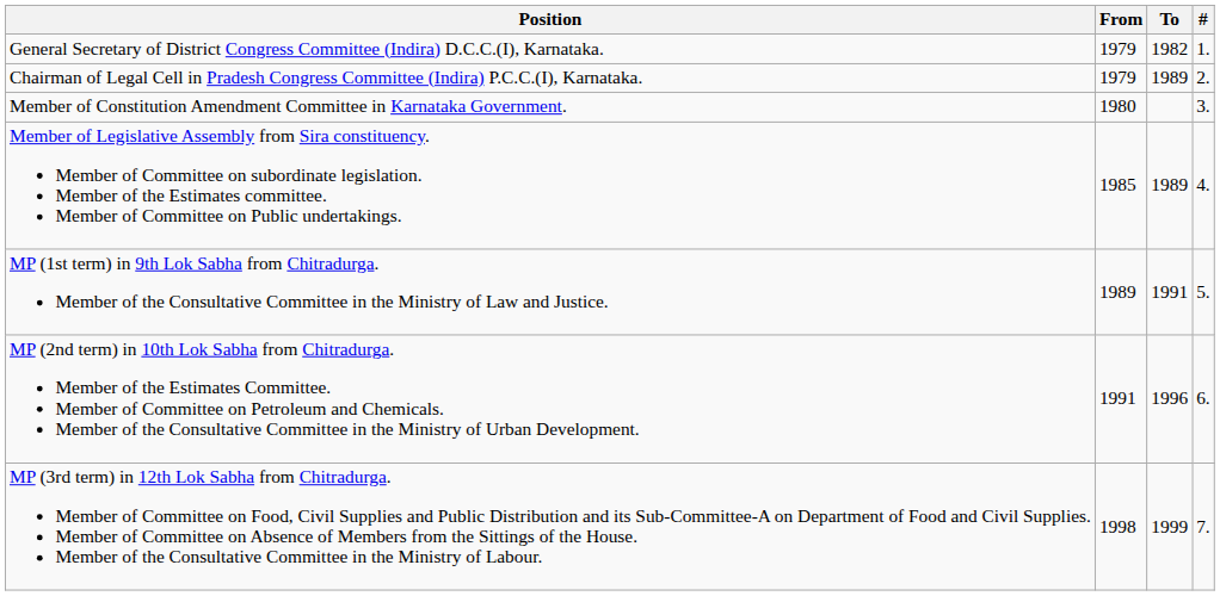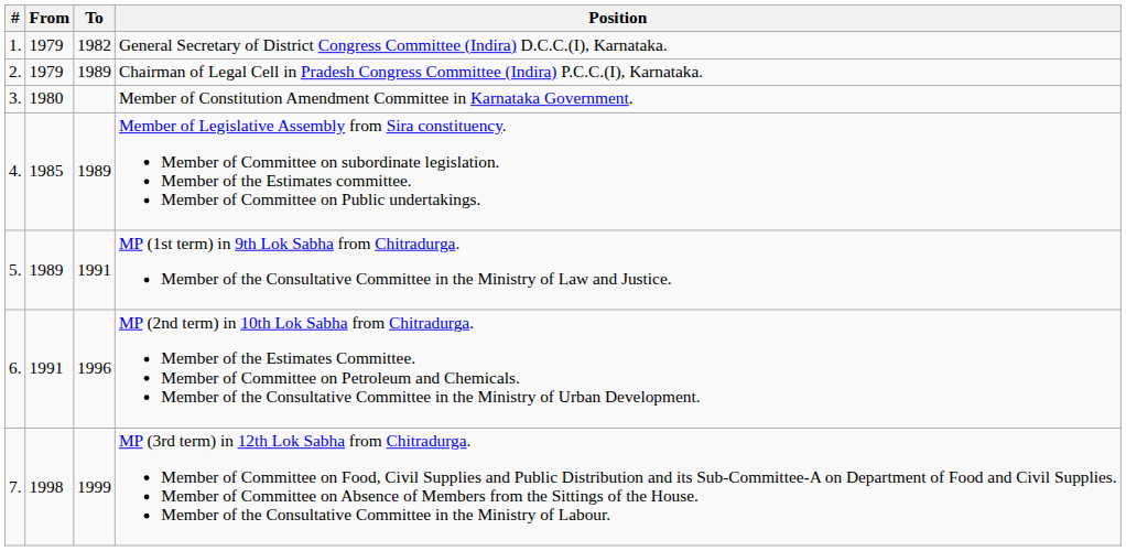 <table class="wikitable">
 <tr>
-<th>Position</th>
+<th>#</th>
 <th>From</th>
 <th>To</th>
-<th>#</th>
+<th>Position</th>
 </tr>
 <tr>
-<td>General Secretary of District <a href='#'>Congress Committee (Indira)</a> D.C.C.(I), Karnataka.</td>
+<td>1.</td>
 <td>1979</td>
 <td>1982</td>
-<td>1.</td>
+<td>General Secretary of District <a href='#'>Congress Committee (Indira)</a> D.C.C.(I), Karnataka.</td>
 </tr>
 <tr>
-<td>Chairman of Legal Cell in <a href='#'>Pradesh Congress Committee (Indira)</a> P.C.C.(I), Karnataka.</td>
+<td>2.</td>
 <td>1979</td>
 <td>1989</td>
-<td>2.</td>
+<td>Chairman of Legal Cell in <a href='#'>Pradesh Congress Committee (Indira)</a> P.C.C.(I), Karnataka.</td>
 </tr>
 <tr>
-<td>Member of Constitution Amendment Committee in <a href='#'>Karnataka Government</a>.</td>
+<td>3.</td>
 <td>1980</td>
 <td></td>
-<td>3.</td>
+<td>Member of Constitution Amendment Committee in <a href='#'>Karnataka Government</a>.</td>
 </tr>
 <tr>
-<td><a href='#'>Member of Legislative Assembly</a> from <a href='#'>Sira constituency</a>.<br><ul><li>Member of Committee on subordinate legislation.</li><li>Member of the Estimates committee.</li><li>Member of Committee on Public undertakings.</li></ul></td>
+<td>4.</td>
 <td>1985</td>
 <td>1989</td>
-<td>4.</td>
+<td><a href='#'>Member of Legislative Assembly</a> from <a href='#'>Sira constituency</a>.<br><ul><li>Member of Committee on subordinate legislation.</li><li>Member of the Estimates committee.</li><li>Member of Committee on Public undertakings.</li></ul></td>
 </tr>
 <tr>
-<td><a href='#'>MP</a> (1st term) in <a href='#'>9th Lok Sabha</a> from <a href='#'>Chitradurga</a>.<br><ul><li>Member of the Consultative Committee in the Ministry of Law and Justice.</li></ul></td>
+<td>5.</td>
 <td>1989</td>
 <td>1991</td>
-<td>5.</td>
+<td><a href='#'>MP</a> (1st term) in <a href='#'>9th Lok Sabha</a> from <a href='#'>Chitradurga</a>.<br><ul><li>Member of the Consultative Committee in the Ministry of Law and Justice.</li></ul></td>
 </tr>
 <tr>
-<td><a href='#'>MP</a> (2nd term) in <a href='#'>10th Lok Sabha</a> from <a href='#'>Chitradurga</a>.<br><ul><li>Member of the Estimates Committee.</li><li>Member of Committee on Petroleum and Chemicals.</li><li>Member of the Consultative Committee in the Ministry of Urban Development.</li></ul></td>
+<td>6.</td>
 <td>1991</td>
 <td>1996</td>
-<td>6.</td>
+<td><a href='#'>MP</a> (2nd term) in <a href='#'>10th Lok Sabha</a> from <a href='#'>Chitradurga</a>.<br><ul><li>Member of the Estimates Committee.</li><li>Member of Committee on Petroleum and Chemicals.</li><li>Member of the Consultative Committee in the Ministry of Urban Development.</li></ul></td>
 </tr>
 <tr>
-<td><a href='#'>MP</a> (3rd term) in <a href='#'>12th Lok Sabha</a> from <a href='#'>Chitradurga</a>.<br><ul><li>Member of Committee on Food, Civil Supplies and Public Distribution and its Sub-Committee-A on Department of Food and Civil Supplies.</li><li>Member of Committee on Absence of Members from the Sittings of the House.</li><li>Member of the Consultative Committee in the Ministry of Labour.</li></ul></td>
+<td>7.</td>
 <td>1998</td>
 <td>1999</td>
-<td>7.</td>
+<td><a href='#'>MP</a> (3rd term) in <a href='#'>12th Lok Sabha</a> from <a href='#'>Chitradurga</a>.<br><ul><li>Member of Committee on Food, Civil Supplies and Public Distribution and its Sub-Committee-A on Department of Food and Civil Supplies.</li><li>Member of Committee on Absence of Members from the Sittings of the House.</li><li>Member of the Consultative Committee in the Ministry of Labour.</li></ul></td>
 </tr>
 </table>
